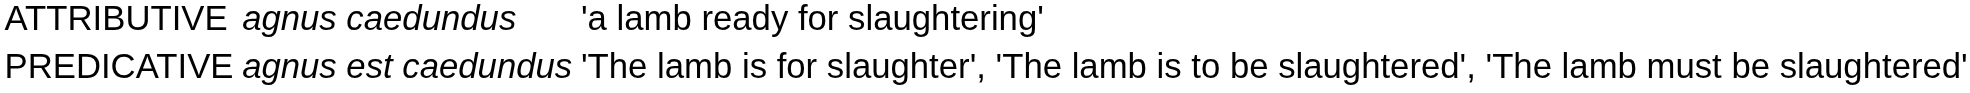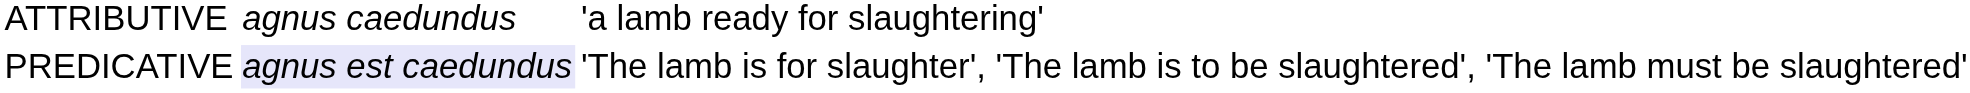 <table>
 <tr>
 <td>ATTRIBUTIVE</td>
 <td><em>agnus caedundus</em></td>
 <td>'a lamb ready for slaughtering'</td>
 </tr>
 <tr>
 <td>PREDICATIVE</td>
-<td><em>agnus est caedundus</em></td>
+<td style="background: lavender;"><em>agnus est caedundus</em></td>
 <td>'The lamb is for slaughter', 'The lamb is to be slaughtered', 'The lamb must be slaughtered'</td>
 </tr>
 </table>
